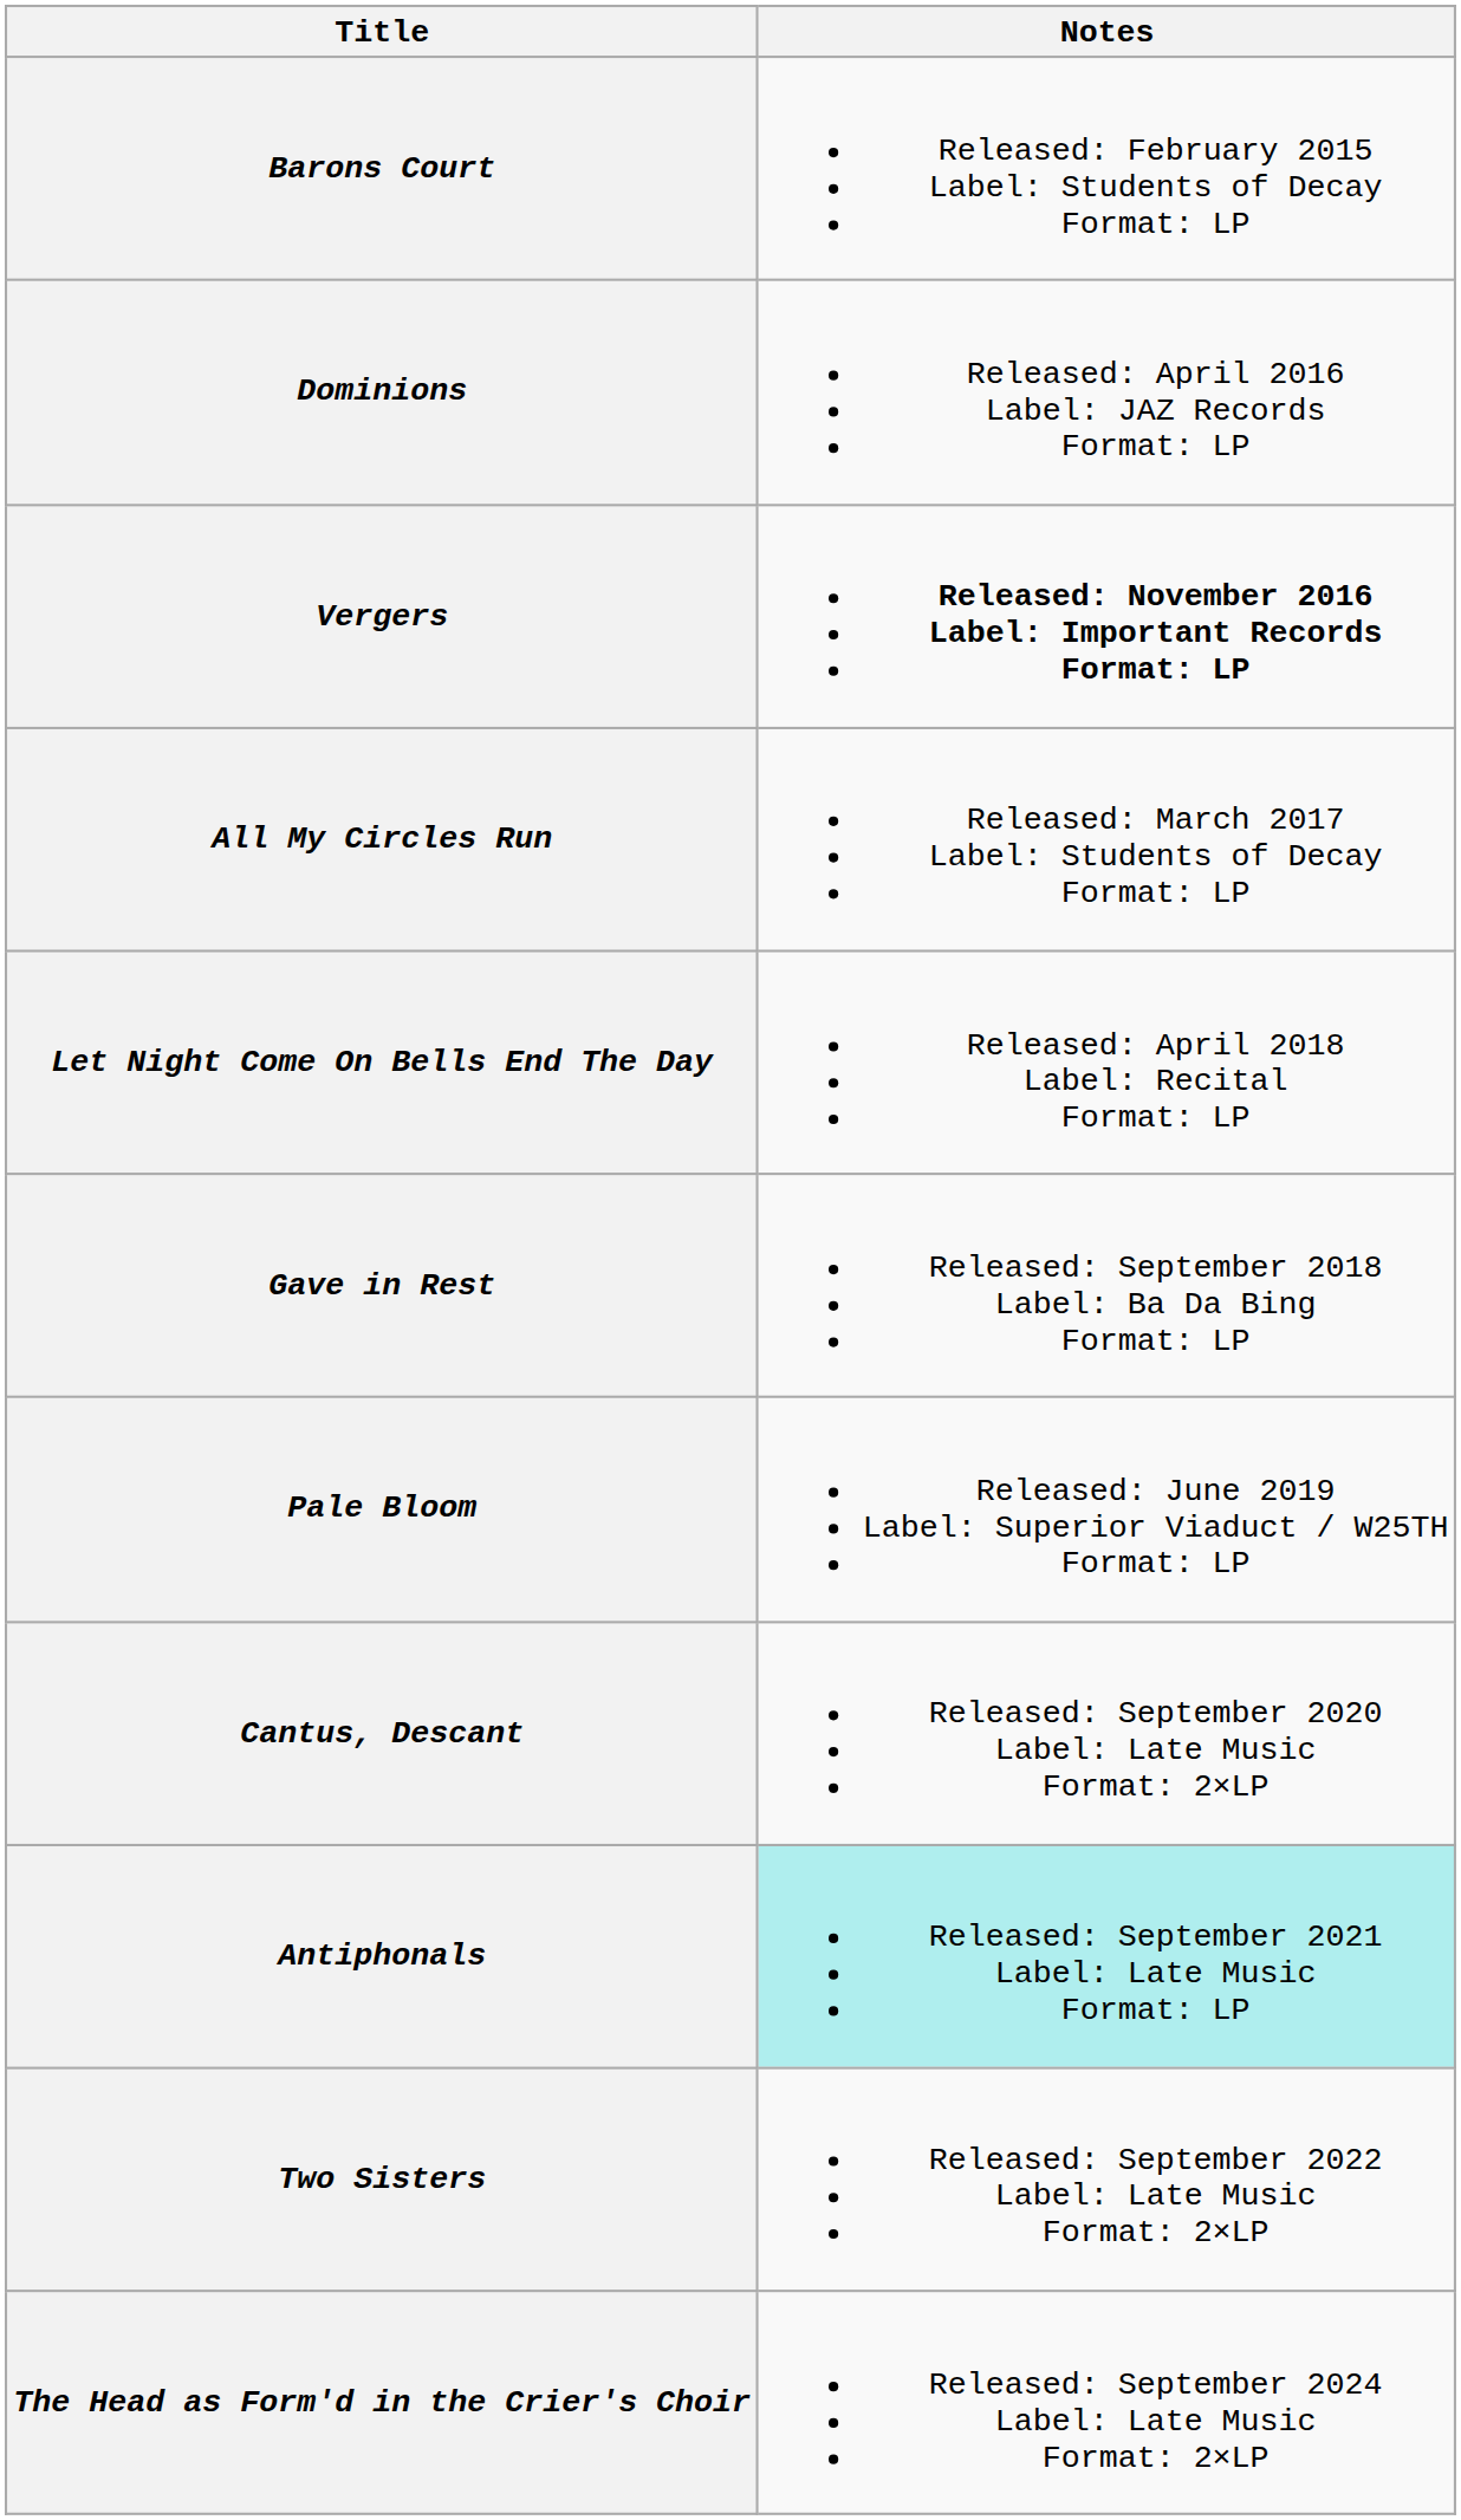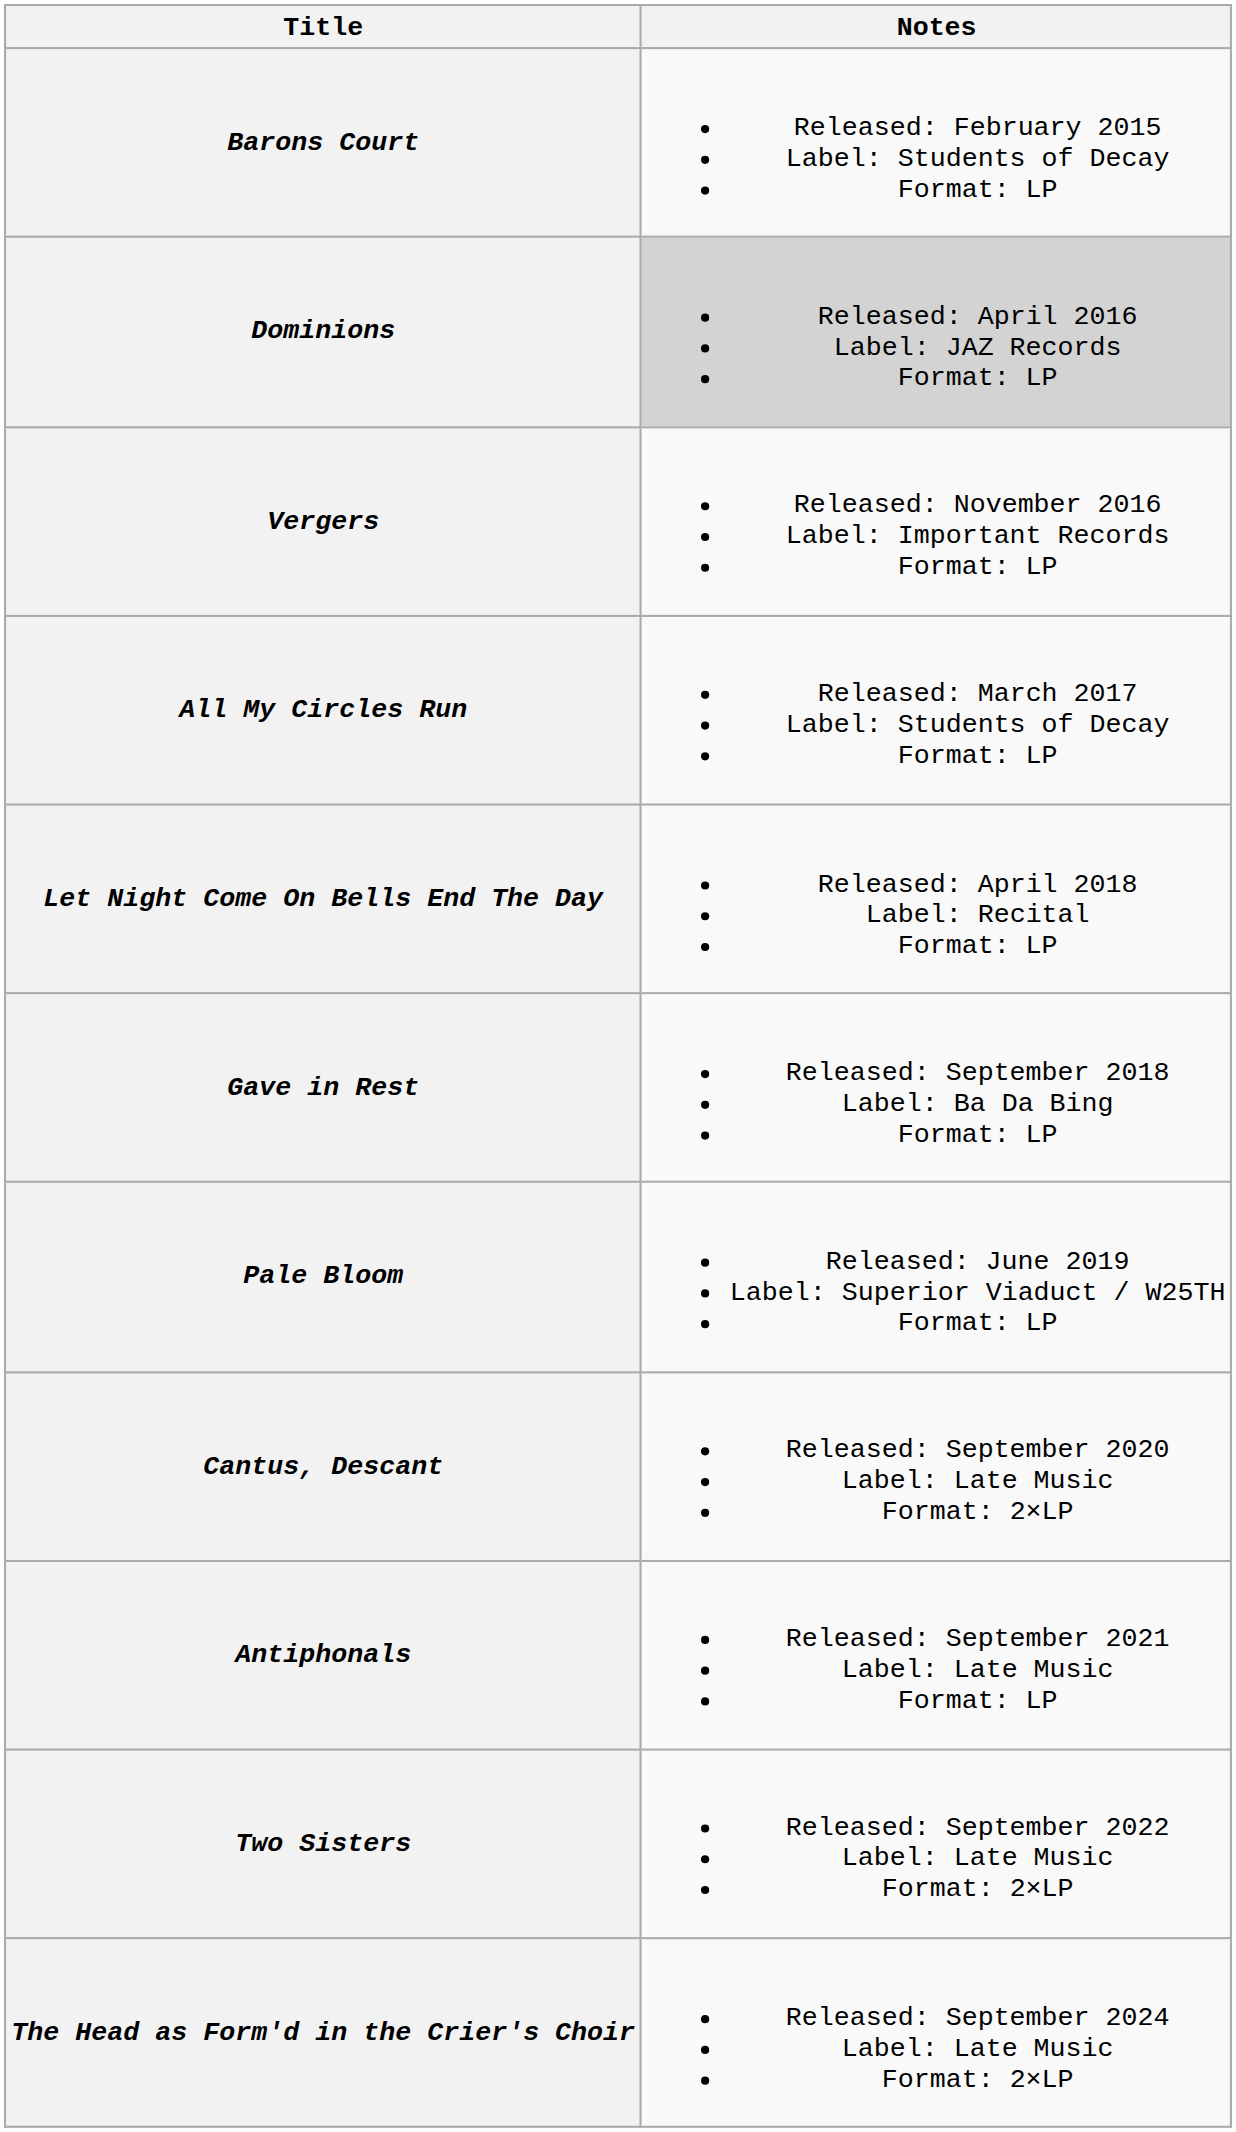 <table class="wikitable plainrowheaders" style="text-align:center;">
 <tr>
 <th scope="col">Title</th>
 <th scope="col">Notes</th>
 </tr>
 <tr>
 <th scope="row"><em>Barons Court</em></th>
 <td><br><ul><li>Released: February 2015</li><li>Label: Students of Decay</li><li>Format: LP</li></ul></td>
 </tr>
 <tr>
 <th scope="row"><em>Dominions</em></th>
-<td><br><ul><li>Released: April 2016</li><li>Label: JAZ Records</li><li>Format: LP</li></ul></td>
+<td style="background: lightgrey;"><br><ul><li>Released: April 2016</li><li>Label: JAZ Records</li><li>Format: LP</li></ul></td>
 </tr>
 <tr>
 <th scope="row"><em>Vergers</em></th>
-<td><strong><br><ul><li>Released: November 2016</li><li>Label: Important Records</li><li>Format: LP</li></ul></strong></td>
+<td><br><ul><li>Released: November 2016</li><li>Label: Important Records</li><li>Format: LP</li></ul></td>
 </tr>
 <tr>
 <th scope="row"><em>All My Circles Run</em></th>
 <td><br><ul><li>Released: March 2017</li><li>Label: Students of Decay</li><li>Format: LP</li></ul></td>
 </tr>
 <tr>
 <th scope="row"><em>Let Night Come On Bells End The Day</em></th>
 <td><br><ul><li>Released: April 2018</li><li>Label: Recital</li><li>Format: LP</li></ul></td>
 </tr>
 <tr>
 <th scope="row"><em>Gave in Rest</em></th>
 <td><br><ul><li>Released: September 2018</li><li>Label: Ba Da Bing</li><li>Format: LP</li></ul></td>
 </tr>
 <tr>
 <th scope="row"><em>Pale Bloom</em></th>
 <td><br><ul><li>Released: June 2019</li><li>Label: Superior Viaduct / W25TH</li><li>Format: LP</li></ul></td>
 </tr>
 <tr>
 <th scope="row"><em>Cantus, Descant</em></th>
 <td><br><ul><li>Released: September 2020</li><li>Label: Late Music</li><li>Format: 2×LP</li></ul></td>
 </tr>
 <tr>
 <th scope="row"><em>Antiphonals</em></th>
-<td style="background: paleturquoise;"><br><ul><li>Released: September 2021</li><li>Label: Late Music</li><li>Format: LP</li></ul></td>
+<td><br><ul><li>Released: September 2021</li><li>Label: Late Music</li><li>Format: LP</li></ul></td>
 </tr>
 <tr>
 <th scope="row"><em>Two Sisters</em></th>
 <td><br><ul><li>Released: September 2022</li><li>Label: Late Music</li><li>Format: 2×LP</li></ul></td>
 </tr>
 <tr>
 <th scope="row"><em>The Head as Form'd in the Crier's Choir</em></th>
 <td><br><ul><li>Released: September 2024</li><li>Label: Late Music</li><li>Format: 2×LP</li></ul></td>
 </tr>
 </table>
